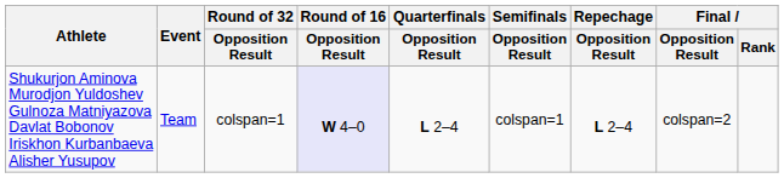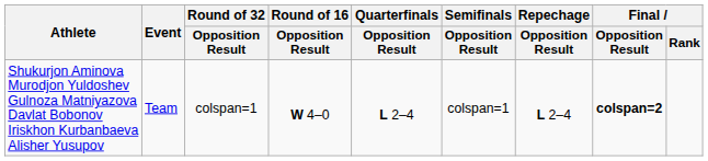 <table class="wikitable" style="font-size:90%">
 <tr>
 <th rowspan="2">Athlete</th>
 <th rowspan="2">Event</th>
 <th>Round of 32</th>
 <th>Round of 16</th>
 <th>Quarterfinals</th>
 <th>Semifinals</th>
 <th>Repechage</th>
 <th colspan=2>Final / </th>
 </tr>
 <tr style="font-size:95%">
 <th>Opposition<br>Result</th>
 <th>Opposition<br>Result</th>
 <th>Opposition<br>Result</th>
 <th>Opposition<br>Result</th>
 <th>Opposition<br>Result</th>
 <th>Opposition<br>Result</th>
 <th>Rank</th>
 </tr>
 <tr align=center>
 <td align=left><a href='#'>Shukurjon Aminova</a><br><a href='#'>Murodjon Yuldoshev</a><br><a href='#'>Gulnoza Matniyazova</a><br><a href='#'>Davlat Bobonov</a><br><a href='#'>Iriskhon Kurbanbaeva</a><br><a href='#'>Alisher Yusupov</a></td>
 <td align=left><a href='#'>Team</a></td>
 <td>colspan=1 </td>
-<td style="background: lavender;"><br> <strong>W</strong> 4–0</td>
+<td><br> <strong>W</strong> 4–0</td>
 <td><br> <strong>L</strong> 2–4</td>
 <td>colspan=1 </td>
 <td><br> <strong>L</strong> 2–4</td>
-<td>colspan=2 </td>
+<td><strong>colspan=2 </strong></td>
 </tr>
 </table>
